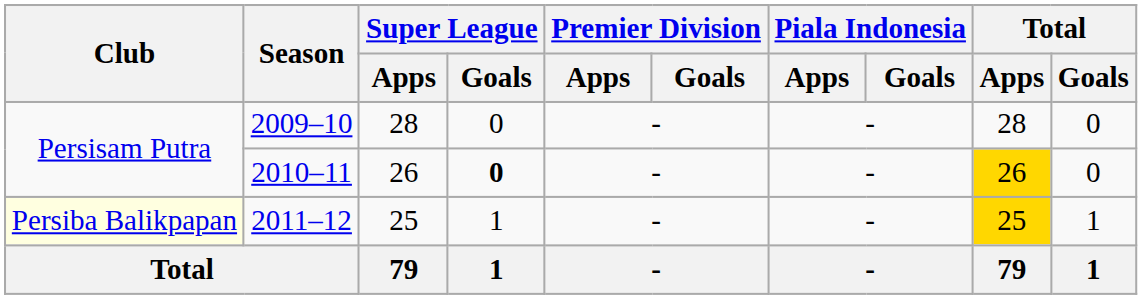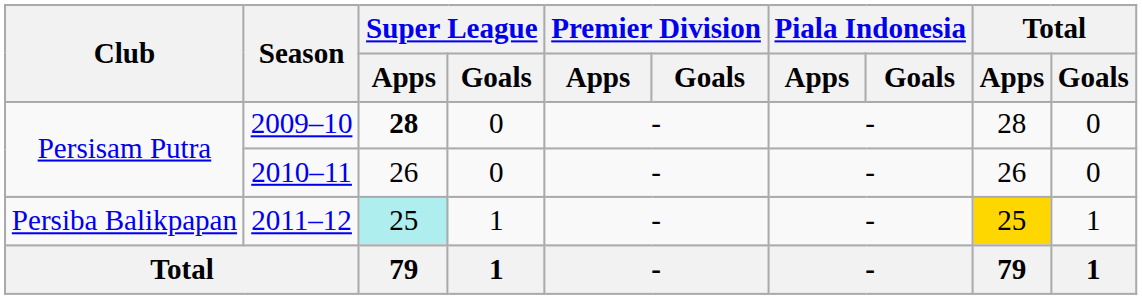 <table class="wikitable" style="font-size:90%; text-align:center;">
 <tr>
 <th rowspan="2">Club</th>
 <th rowspan="2">Season</th>
 <th colspan="2"><a href='#'>Super League</a></th>
 <th colspan="2"><a href='#'>Premier Division</a></th>
 <th colspan="2"><a href='#'>Piala Indonesia</a></th>
 <th colspan="2">Total</th>
 </tr>
 <tr>
 <th>Apps</th>
 <th>Goals</th>
 <th>Apps</th>
 <th>Goals</th>
 <th>Apps</th>
 <th>Goals</th>
 <th>Apps</th>
 <th>Goals</th>
 </tr>
 <tr>
 <td rowspan="2"><a href='#'>Persisam Putra</a></td>
 <td><a href='#'>2009–10</a></td>
-<td>28</td>
+<td><strong>28</strong></td>
 <td>0</td>
 <td colspan="2">-</td>
 <td colspan="2">-</td>
 <td>28</td>
 <td>0</td>
 </tr>
 <tr>
 <td><a href='#'>2010–11</a></td>
 <td>26</td>
-<td><strong>0</strong></td>
+<td>0</td>
 <td colspan="2">-</td>
 <td colspan="2">-</td>
-<td style="background: gold;">26</td>
+<td>26</td>
 <td>0</td>
 </tr>
 <tr>
-<td rowspan="1" style="background: lightyellow;"><a href='#'>Persiba Balikpapan</a></td>
+<td rowspan="1"><a href='#'>Persiba Balikpapan</a></td>
 <td><a href='#'>2011–12</a></td>
-<td>25</td>
+<td style="background: paleturquoise;">25</td>
 <td>1</td>
 <td colspan="2">-</td>
 <td colspan="2">-</td>
 <td style="background: gold;">25</td>
 <td>1</td>
 </tr>
 <tr>
 <th colspan="2">Total</th>
 <th>79</th>
 <th>1</th>
 <th colspan="2">-</th>
 <th colspan="2">-</th>
 <th>79</th>
 <th>1</th>
 </tr>
 </table>
